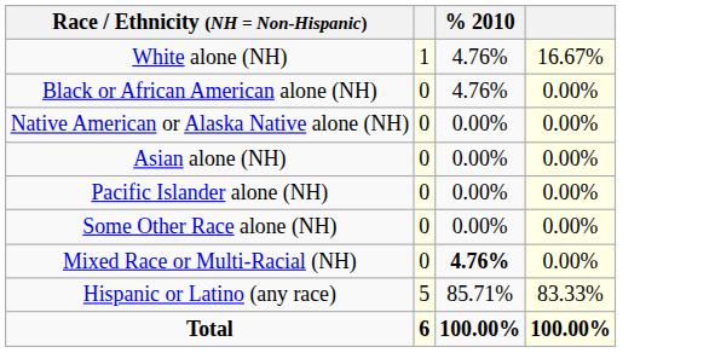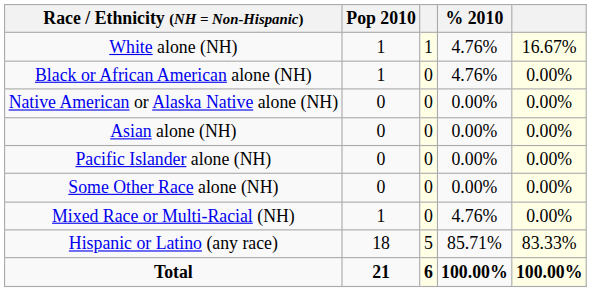 <table class="wikitable" style="text-align:center;">
 <tr>
 <th>Race / Ethnicity <small>(<em>NH = Non-Hispanic</em>)</small></th>
+<th>Pop 2010</th>
 <th></th>
 <th>% 2010</th>
 <th></th>
 </tr>
 <tr>
 <td><a href='#'>White</a> alone (NH)</td>
+<td>1</td>
 <td style='background: #ffffe6;'>1</td>
 <td>4.76%</td>
 <td style='background: #ffffe6;'>16.67%</td>
 </tr>
 <tr>
 <td><a href='#'>Black or African American</a> alone (NH)</td>
+<td>1</td>
 <td style='background: #ffffe6;'>0</td>
 <td>4.76%</td>
 <td style='background: #ffffe6;'>0.00%</td>
 </tr>
 <tr>
 <td><a href='#'>Native American</a> or <a href='#'>Alaska Native</a> alone (NH)</td>
+<td>0</td>
 <td style='background: #ffffe6;'>0</td>
 <td>0.00%</td>
 <td style='background: #ffffe6;'>0.00%</td>
 </tr>
 <tr>
 <td><a href='#'>Asian</a> alone (NH)</td>
+<td>0</td>
 <td style='background: #ffffe6;'>0</td>
 <td>0.00%</td>
 <td style='background: #ffffe6;'>0.00%</td>
 </tr>
 <tr>
 <td><a href='#'>Pacific Islander</a> alone (NH)</td>
+<td>0</td>
 <td style='background: #ffffe6;'>0</td>
 <td>0.00%</td>
 <td style='background: #ffffe6;'>0.00%</td>
 </tr>
 <tr>
 <td><a href='#'>Some Other Race</a> alone (NH)</td>
+<td>0</td>
 <td style='background: #ffffe6;'>0</td>
 <td>0.00%</td>
 <td style='background: #ffffe6;'>0.00%</td>
 </tr>
 <tr>
 <td><a href='#'>Mixed Race or Multi-Racial</a> (NH)</td>
+<td>1</td>
 <td style='background: #ffffe6;'>0</td>
-<td><strong>4.76%</strong></td>
+<td>4.76%</td>
 <td style='background: #ffffe6;'>0.00%</td>
 </tr>
 <tr>
 <td><a href='#'>Hispanic or Latino</a> (any race)</td>
+<td>18</td>
 <td style='background: #ffffe6;'>5</td>
 <td>85.71%</td>
 <td style='background: #ffffe6;'>83.33%</td>
 </tr>
 <tr>
 <td><strong>Total</strong></td>
+<td><strong>21</strong></td>
 <td style='background: #ffffe6;'><strong>6</strong></td>
 <td><strong>100.00%</strong></td>
 <td style='background: #ffffe6;'><strong>100.00%</strong></td>
 </tr>
 </table>
